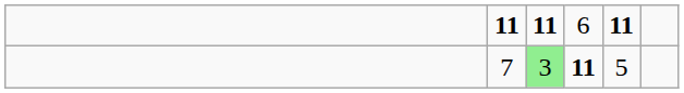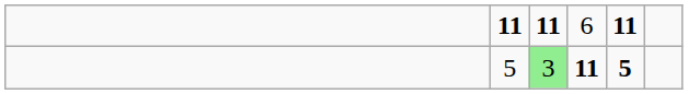 <table class="wikitable">
 <tr>
 <td style="width:18em"><strong></strong></td>
 <td align=center style="width:1em"><strong>11</strong></td>
 <td align=center style="width:1em"><strong>11</strong></td>
 <td align=center style="width:1em">6</td>
 <td align=center style="width:1em"><strong>11</strong></td>
 <td align=center style="width:1em"></td>
 </tr>
 <tr>
 <td style="width:18em"></td>
-<td align=center style="width:1em">7</td>
+<td align=center style="width:1em">5</td>
 <td align=center style="background: lightgreen; width:1em">3</td>
 <td align=center style="width:1em"><strong>11</strong></td>
-<td align=center style="width:1em">5</td>
+<td align=center style="width:1em"><strong>5</strong></td>
 <td align=center style="width:1em"></td>
 </tr>
 </table>
